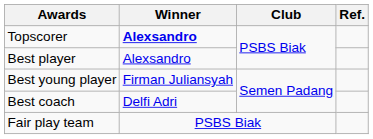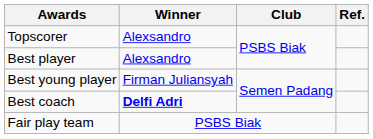 <table class="wikitable">
 <tr>
 <th>Awards</th>
 <th>Winner</th>
 <th>Club</th>
 <th>Ref.</th>
 </tr>
 <tr>
 <td>Topscorer</td>
-<td><strong> <a href='#'>Alexsandro</a></strong></td>
+<td> <a href='#'>Alexsandro</a></td>
 <td rowspan="2"><a href='#'>PSBS Biak</a></td>
 <td></td>
 </tr>
 <tr>
 <td>Best player</td>
 <td> <a href='#'>Alexsandro</a></td>
 <td></td>
 </tr>
 <tr>
 <td>Best young player</td>
 <td> <a href='#'>Firman Juliansyah</a></td>
 <td rowspan="2"><a href='#'>Semen Padang</a></td>
 <td></td>
 </tr>
 <tr>
 <td>Best coach</td>
-<td> <a href='#'>Delfi Adri</a></td>
+<td><strong> <a href='#'>Delfi Adri</a></strong></td>
 <td></td>
 </tr>
 <tr>
 <td>Fair play team</td>
 <td colspan="2" align="center"><a href='#'>PSBS Biak</a></td>
 <td></td>
 </tr>
 </table>
